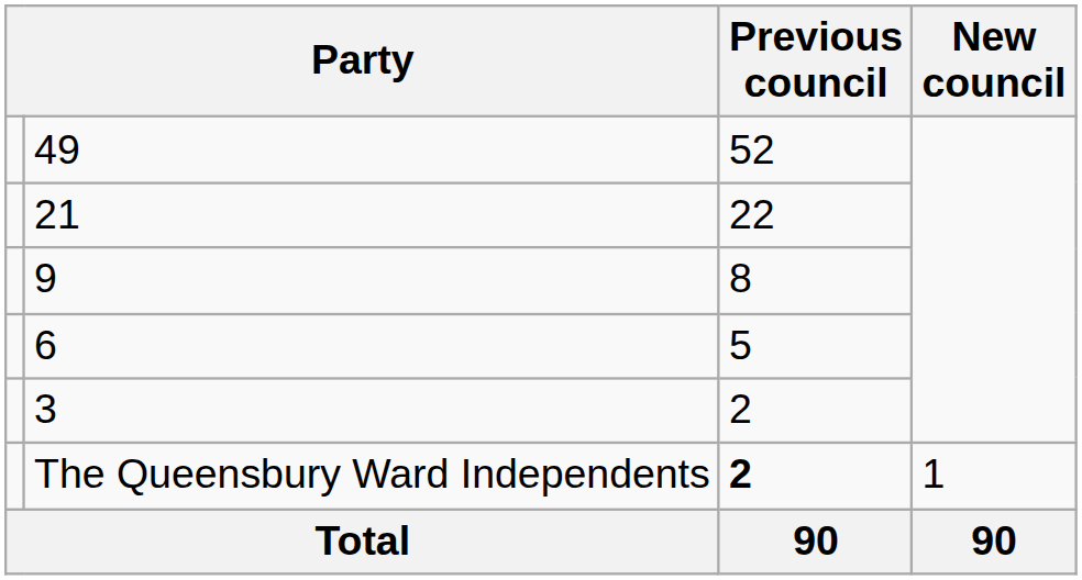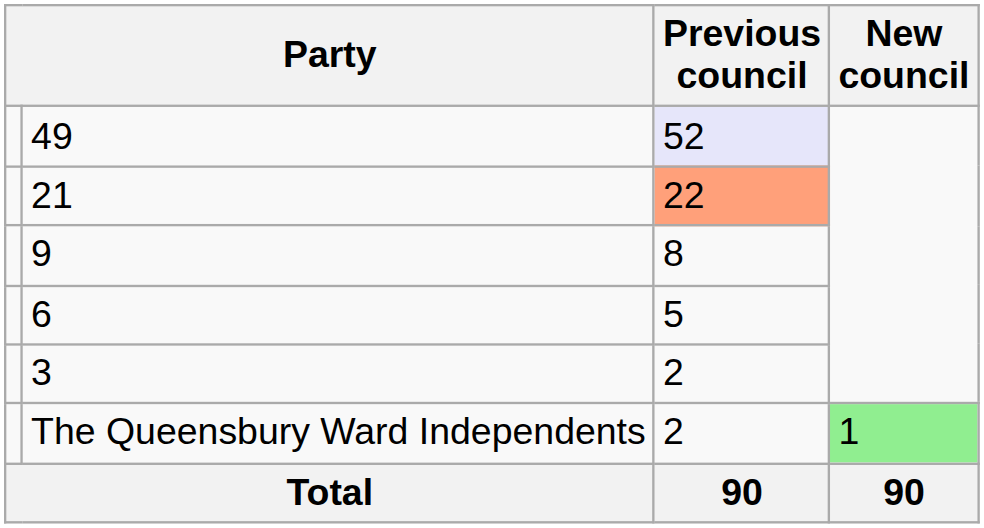 <table class="wikitable">
 <tr>
 <th valign=centre colspan="2" style="width: 230px">Party</th>
 <th valign=top style="width: 30px">Previous council</th>
 <th valign=top style="width: 30px">New council</th>
 </tr>
 <tr>
 <td></td>
 <td>49</td>
-<td>52</td>
+<td style="background: lavender;">52</td>
 </tr>
 <tr>
 <td></td>
 <td>21</td>
-<td>22</td>
+<td style="background: lightsalmon;">22</td>
 </tr>
 <tr>
 <td></td>
 <td>9</td>
 <td>8</td>
 </tr>
 <tr>
 <td></td>
 <td>6</td>
 <td>5</td>
 </tr>
 <tr>
 <td></td>
 <td>3</td>
 <td>2</td>
 </tr>
 <tr>
 <td></td>
 <td>The Queensbury Ward Independents</td>
-<td><strong>2</strong></td>
-<td>1</td>
+<td>2</td>
+<td style="background: lightgreen;">1</td>
 </tr>
 <tr>
 <th colspan=2>Total</th>
 <th style="text-align: center">90</th>
 <th colspan=3>90</th>
 </tr>
 </table>
